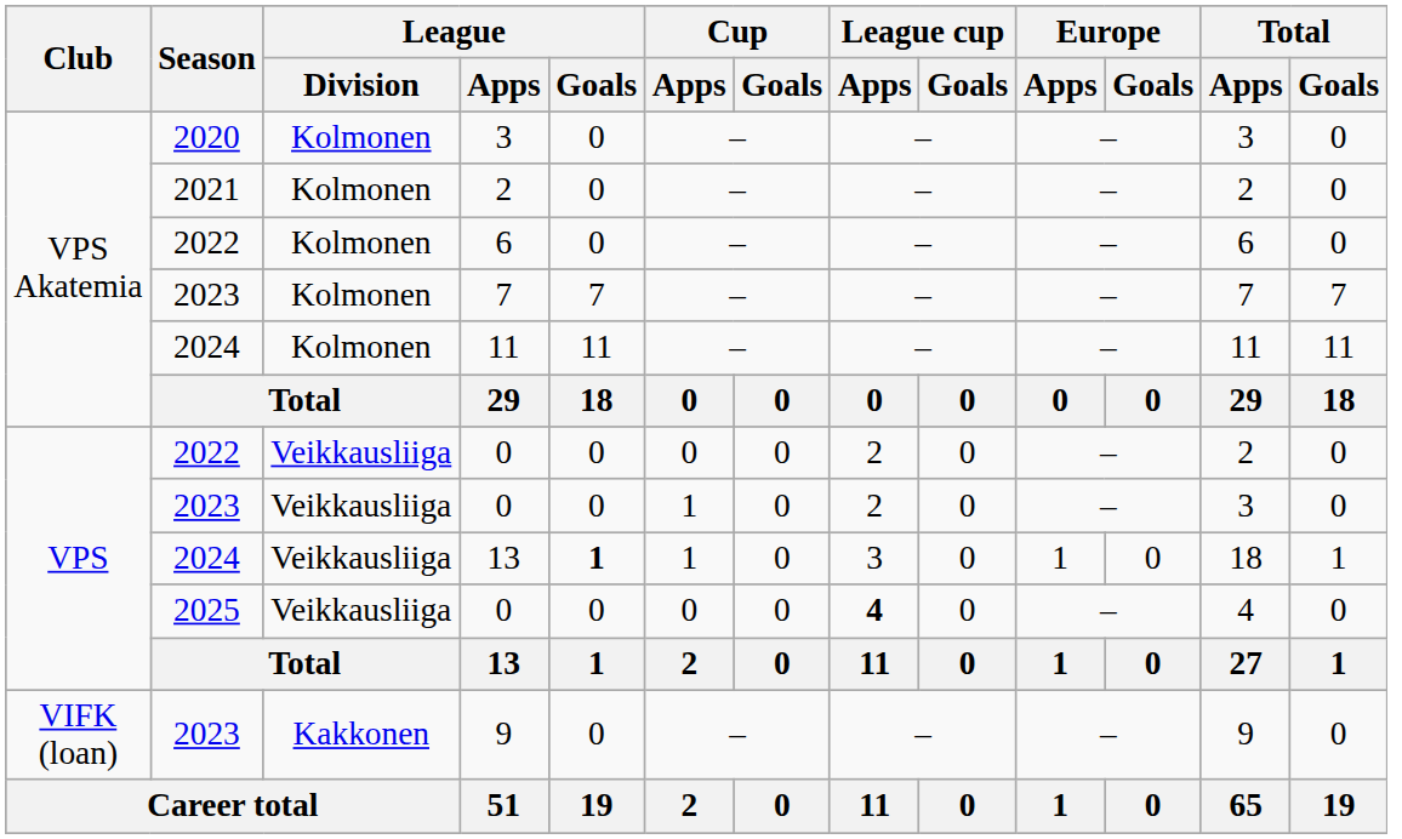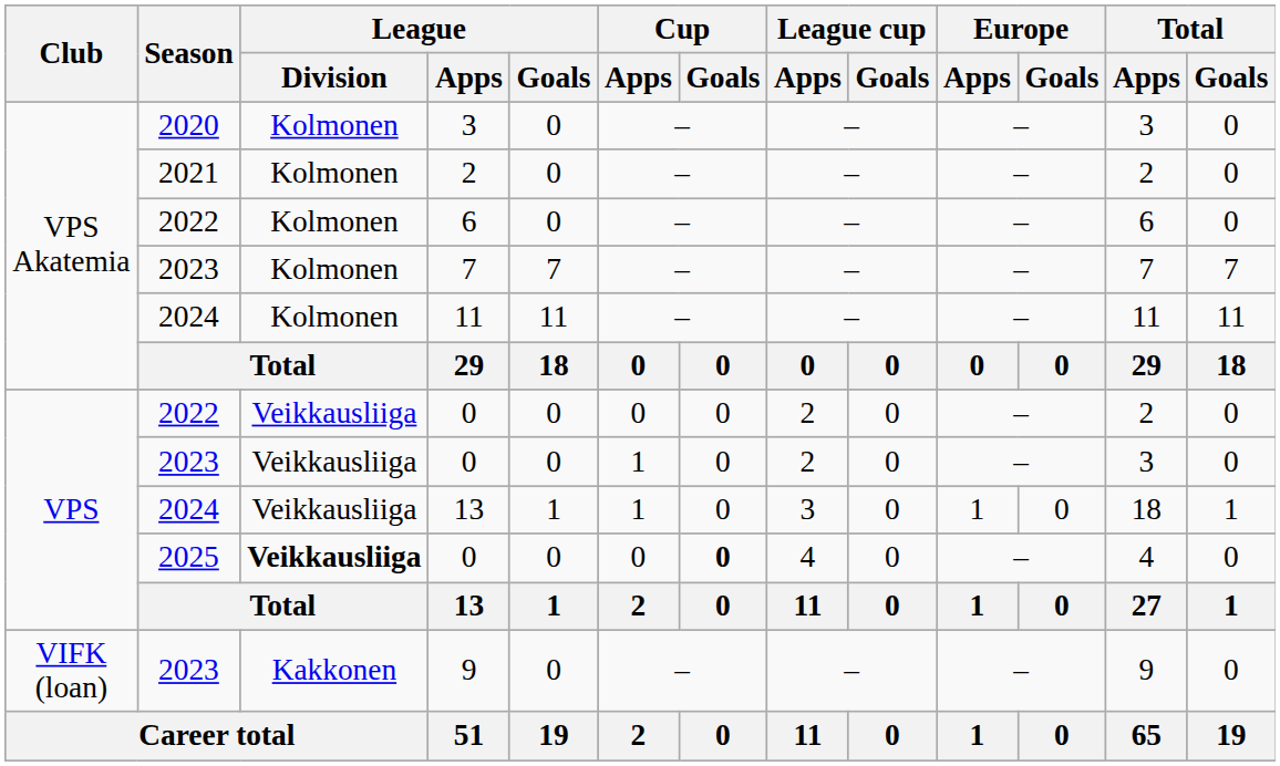 <table class="wikitable" style="text-align:center">
 <tr>
 <th rowspan="2">Club</th>
 <th rowspan="2">Season</th>
 <th colspan="3">League</th>
 <th colspan="2">Cup</th>
 <th colspan="2">League cup</th>
 <th colspan="2">Europe</th>
 <th colspan="2">Total</th>
 </tr>
 <tr>
 <th>Division</th>
 <th>Apps</th>
 <th>Goals</th>
 <th>Apps</th>
 <th>Goals</th>
 <th>Apps</th>
 <th>Goals</th>
 <th>Apps</th>
 <th>Goals</th>
 <th>Apps</th>
 <th>Goals</th>
 </tr>
 <tr>
 <td rowspan=6>VPS Akatemia</td>
 <td><a href='#'>2020</a></td>
 <td><a href='#'>Kolmonen</a></td>
 <td>3</td>
 <td>0</td>
 <td colspan=2>–</td>
 <td colspan=2>–</td>
 <td colspan=2>–</td>
 <td>3</td>
 <td>0</td>
 </tr>
 <tr>
 <td>2021</td>
 <td>Kolmonen</td>
 <td>2</td>
 <td>0</td>
 <td colspan=2>–</td>
 <td colspan=2>–</td>
 <td colspan=2>–</td>
 <td>2</td>
 <td>0</td>
 </tr>
 <tr>
 <td>2022</td>
 <td>Kolmonen</td>
 <td>6</td>
 <td>0</td>
 <td colspan=2>–</td>
 <td colspan=2>–</td>
 <td colspan=2>–</td>
 <td>6</td>
 <td>0</td>
 </tr>
 <tr>
 <td>2023</td>
 <td>Kolmonen</td>
 <td>7</td>
 <td>7</td>
 <td colspan=2>–</td>
 <td colspan=2>–</td>
 <td colspan=2>–</td>
 <td>7</td>
 <td>7</td>
 </tr>
 <tr>
 <td>2024</td>
 <td>Kolmonen</td>
 <td>11</td>
 <td>11</td>
 <td colspan=2>–</td>
 <td colspan=2>–</td>
 <td colspan=2>–</td>
 <td>11</td>
 <td>11</td>
 </tr>
 <tr>
 <th colspan="2">Total</th>
 <th>29</th>
 <th>18</th>
 <th>0</th>
 <th>0</th>
 <th>0</th>
 <th>0</th>
 <th>0</th>
 <th>0</th>
 <th>29</th>
 <th>18</th>
 </tr>
 <tr>
 <td rowspan="5"><a href='#'>VPS</a></td>
 <td><a href='#'>2022</a></td>
 <td><a href='#'>Veikkausliiga</a></td>
 <td>0</td>
 <td>0</td>
 <td>0</td>
 <td>0</td>
 <td>2</td>
 <td>0</td>
 <td colspan=2>–</td>
 <td>2</td>
 <td>0</td>
 </tr>
 <tr>
 <td><a href='#'>2023</a></td>
 <td>Veikkausliiga</td>
 <td>0</td>
 <td>0</td>
 <td>1</td>
 <td>0</td>
 <td>2</td>
 <td>0</td>
 <td colspan=2>–</td>
 <td>3</td>
 <td>0</td>
 </tr>
 <tr>
 <td><a href='#'>2024</a></td>
 <td>Veikkausliiga</td>
 <td>13</td>
-<td><strong>1</strong></td>
+<td>1</td>
 <td>1</td>
 <td>0</td>
 <td>3</td>
 <td>0</td>
 <td>1</td>
 <td>0</td>
 <td>18</td>
 <td>1</td>
 </tr>
 <tr>
 <td><a href='#'>2025</a></td>
-<td>Veikkausliiga</td>
+<td><strong>Veikkausliiga</strong></td>
 <td>0</td>
 <td>0</td>
 <td>0</td>
-<td>0</td>
-<td><strong>4</strong></td>
+<td><strong>0</strong></td>
+<td>4</td>
 <td>0</td>
 <td colspan=2>–</td>
 <td>4</td>
 <td>0</td>
 </tr>
 <tr>
 <th colspan="2">Total</th>
 <th>13</th>
 <th>1</th>
 <th>2</th>
 <th>0</th>
 <th>11</th>
 <th>0</th>
 <th>1</th>
 <th>0</th>
 <th>27</th>
 <th>1</th>
 </tr>
 <tr>
 <td><a href='#'>VIFK</a> (loan)</td>
 <td><a href='#'>2023</a></td>
 <td><a href='#'>Kakkonen</a></td>
 <td>9</td>
 <td>0</td>
 <td colspan=2>–</td>
 <td colspan=2>–</td>
 <td colspan=2>–</td>
 <td>9</td>
 <td>0</td>
 </tr>
 <tr>
 <th colspan="3">Career total</th>
 <th>51</th>
 <th>19</th>
 <th>2</th>
 <th>0</th>
 <th>11</th>
 <th>0</th>
 <th>1</th>
 <th>0</th>
 <th>65</th>
 <th>19</th>
 </tr>
 </table>
